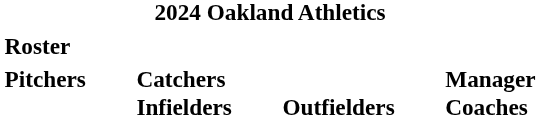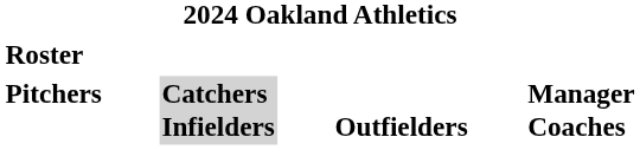 <table class="toccolours" style="font-size: 95%;">
 <tr>
 <th colspan="10">2024 Oakland Athletics</th>
 </tr>
 <tr>
 <td colspan="10"><strong>Roster</strong></td>
 </tr>
 <tr>
 <td valign="top"><strong>Pitchers</strong><br>                               </td>
 <td style="width:25px;"></td>
-<td valign="top"><strong>Catchers</strong><br>  <strong>Infielders</strong>              </td>
+<td valign="top" style="background: lightgrey;"><strong>Catchers</strong><br>  <strong>Infielders</strong>              </td>
 <td style="width:25px;"></td>
 <td valign="top"><br><strong>Outfielders</strong>       </td>
 <td style="width:25px;"></td>
 <td valign="top"><strong>Manager</strong><br> <strong>Coaches</strong>                      </td>
 </tr>
 </table>
